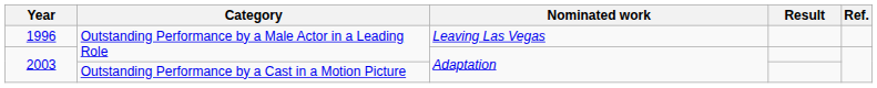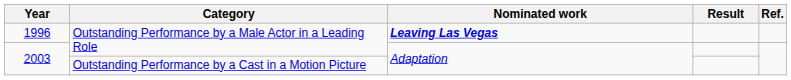 <table class=wikitable>
 <tr>
 <th scope="col" style="width:5em;">Year</th>
 <th scope="col" style="width:26em;">Category</th>
 <th scope="col" style="width:25em;">Nominated work</th>
 <th scope="col" style="width:5em;">Result</th>
 <th>Ref.</th>
 </tr>
 <tr>
 <td style="text-align:center;"><a href='#'>1996</a></td>
 <td rowspan="2"><a href='#'>Outstanding Performance by a Male Actor in a Leading Role</a></td>
-<td><em><a href='#'>Leaving Las Vegas</a></em></td>
+<td><strong><em><a href='#'>Leaving Las Vegas</a></em></strong></td>
 <td></td>
 <td style="text-align:center;"></td>
 </tr>
 <tr>
 <td style="text-align:center;", rowspan="2"><a href='#'>2003</a></td>
 <td rowspan="2"><em><a href='#'>Adaptation</a></em></td>
 <td></td>
 <td style="text-align:center;" rowspan="2"></td>
 </tr>
 <tr>
 <td><a href='#'>Outstanding Performance by a Cast in a Motion Picture</a></td>
 <td></td>
 </tr>
 </table>
